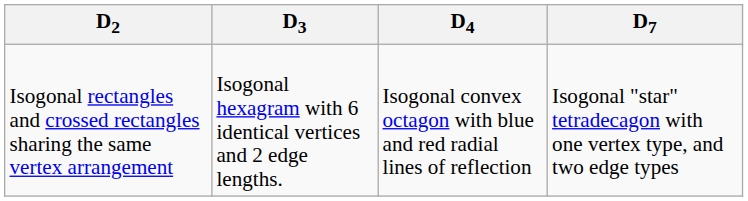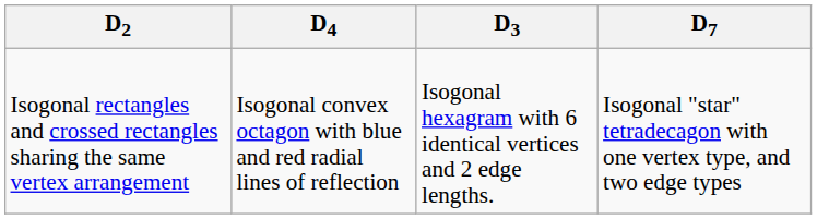 <table class=wikitable width=560>
 <tr>
 <th>D<sub>2</sub></th>
+<th>D<sub>4</sub></th>
 <th>D<sub>3</sub></th>
-<th>D<sub>4</sub></th>
 <th>D<sub>7</sub></th>
 </tr>
 <tr>
 <td><br>Isogonal <a href='#'>rectangles</a> and <a href='#'>crossed rectangles</a> sharing the same <a href='#'>vertex arrangement</a></td>
+<td><br>Isogonal convex <a href='#'>octagon</a> with blue and red radial lines of reflection</td>
 <td><br>Isogonal <a href='#'>hexagram</a> with 6 identical vertices and 2 edge lengths.</td>
-<td><br>Isogonal convex <a href='#'>octagon</a> with blue and red radial lines of reflection</td>
 <td><br>Isogonal "star" <a href='#'>tetradecagon</a> with one vertex type, and two edge types</td>
 </tr>
 </table>
